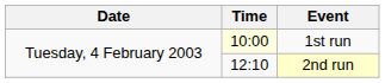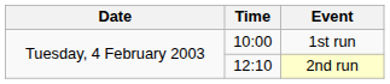 <table class = "wikitable" style="text-align:center;">
 <tr>
 <th width=220>Date</th>
 <th width=50>Time</th>
 <th width=100>Event</th>
 </tr>
 <tr>
 <td rowspan=2>Tuesday, 4 February 2003</td>
-<td style="background: lightyellow;">10:00</td>
+<td>10:00</td>
 <td>1st run</td>
 </tr>
 <tr>
 <td>12:10</td>
 <td bgcolor=ffffcc>2nd run</td>
 </tr>
 </table>
